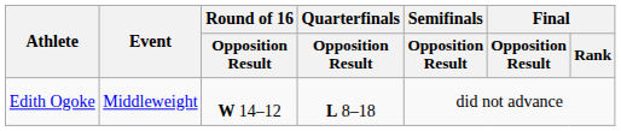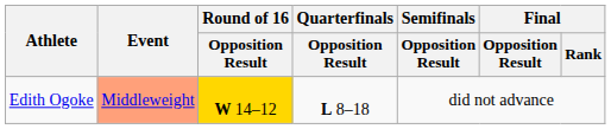 <table class="wikitable" style="font-size:90%">
 <tr>
 <th rowspan=2>Athlete</th>
 <th rowspan=2>Event</th>
 <th>Round of 16</th>
 <th>Quarterfinals</th>
 <th>Semifinals</th>
 <th colspan=2>Final</th>
 </tr>
 <tr style="font-size:95%">
 <th>Opposition<br>Result</th>
 <th>Opposition<br>Result</th>
 <th>Opposition<br>Result</th>
 <th>Opposition<br>Result</th>
 <th>Rank</th>
 </tr>
 <tr align=center>
 <td align=left><a href='#'>Edith Ogoke</a></td>
-<td align=left><a href='#'>Middleweight</a></td>
-<td><br><strong>W</strong> 14–12</td>
+<td align=left style="background: lightsalmon;"><a href='#'>Middleweight</a></td>
+<td style="background: gold;"><br><strong>W</strong> 14–12</td>
 <td><br><strong>L</strong> 8–18</td>
 <td colspan=3>did not advance</td>
 </tr>
 </table>
